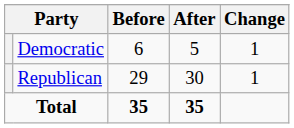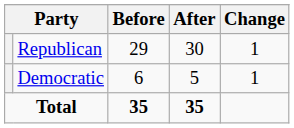 <table class="wikitable" style="text-align:center;">
 <tr>
 </tr>
 <tr>
 <th colspan=2>Party</th>
 <th>Before</th>
 <th>After</th>
 <th>Change</th>
 </tr>
 <tr>
 <th style="background-color:"></th>
-<td style="text-align:left;"><a href='#'>Democratic</a></td>
-<td>6</td>
-<td>5</td>
+<td style="text-align:left;"><a href='#'>Republican</a></td>
+<td>29</td>
+<td>30</td>
 <td> 1</td>
 </tr>
 <tr>
 <th style="background-color:"></th>
-<td style="text-align:left;"><a href='#'>Republican</a></td>
-<td>29</td>
-<td>30</td>
+<td style="text-align:left;"><a href='#'>Democratic</a></td>
+<td>6</td>
+<td>5</td>
 <td> 1</td>
 </tr>
 <tr>
 <td colspan=2><strong>Total</strong></td>
 <td><strong>35</strong></td>
 <td><strong>35</strong></td>
 <td></td>
 </tr>
 </table>
